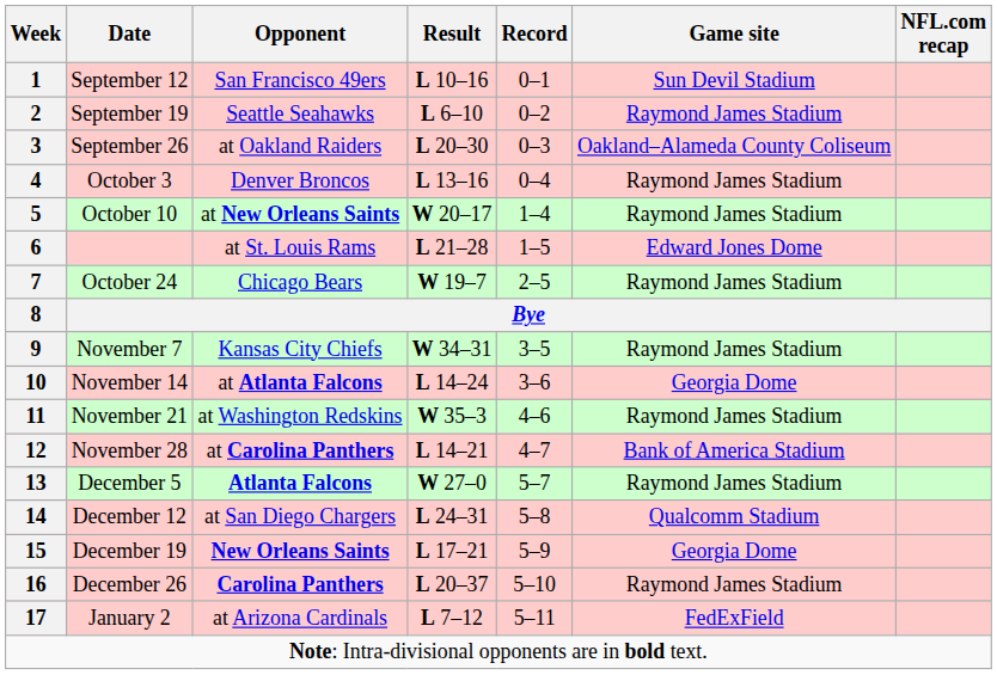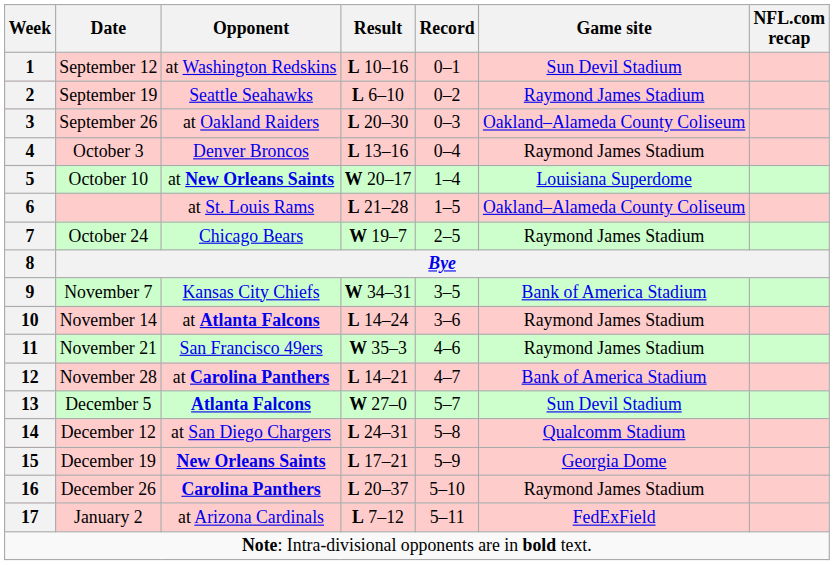 <table class="wikitable" style="text-align:center">
 <tr>
 <th>Week</th>
 <th>Date</th>
 <th>Opponent</th>
 <th>Result</th>
 <th>Record</th>
 <th>Game site</th>
 <th>NFL.com<br>recap</th>
 </tr>
 <tr bgcolor="#fcc">
 <th>1</th>
 <td>September 12</td>
-<td><a href='#'>San Francisco 49ers</a></td>
+<td>at <a href='#'>Washington Redskins</a></td>
 <td><strong>L</strong> 10–16</td>
 <td>0–1</td>
 <td><a href='#'>Sun Devil Stadium</a></td>
 <td></td>
 </tr>
 <tr bgcolor="#fcc">
 <th>2</th>
 <td>September 19</td>
 <td><a href='#'>Seattle Seahawks</a></td>
 <td><strong>L</strong> 6–10</td>
 <td>0–2</td>
 <td><a href='#'>Raymond James Stadium</a></td>
 <td></td>
 </tr>
 <tr bgcolor="#fcc">
 <th>3</th>
 <td>September 26</td>
 <td>at <a href='#'>Oakland Raiders</a></td>
 <td><strong>L</strong> 20–30</td>
 <td>0–3</td>
 <td><a href='#'>Oakland–Alameda County Coliseum</a></td>
 <td></td>
 </tr>
 <tr bgcolor="#fcc">
 <th>4</th>
 <td>October 3</td>
 <td><a href='#'>Denver Broncos</a></td>
 <td><strong>L</strong> 13–16</td>
 <td>0–4</td>
 <td>Raymond James Stadium</td>
 <td></td>
 </tr>
 <tr bgcolor="#cfc">
 <th>5</th>
 <td>October 10</td>
 <td>at <strong><a href='#'>New Orleans Saints</a></strong></td>
 <td><strong>W</strong> 20–17</td>
 <td>1–4</td>
-<td>Raymond James Stadium</td>
+<td><a href='#'>Louisiana Superdome</a></td>
 <td></td>
 </tr>
 <tr bgcolor="#fcc">
 <th>6</th>
 <td></td>
 <td>at <a href='#'>St. Louis Rams</a></td>
 <td><strong>L</strong> 21–28</td>
 <td>1–5</td>
-<td><a href='#'>Edward Jones Dome</a></td>
+<td><a href='#'>Oakland–Alameda County Coliseum</a></td>
 <td></td>
 </tr>
 <tr bgcolor="#cfc">
 <th>7</th>
 <td>October 24</td>
 <td><a href='#'>Chicago Bears</a></td>
 <td><strong>W</strong> 19–7</td>
 <td>2–5</td>
 <td>Raymond James Stadium</td>
 <td></td>
 </tr>
 <tr>
 <th>8</th>
 <th colspan="9"><em><a href='#'>Bye</a></em></th>
 </tr>
 <tr bgcolor="#cfc">
 <th>9</th>
 <td>November 7</td>
 <td><a href='#'>Kansas City Chiefs</a></td>
 <td><strong>W</strong> 34–31</td>
 <td>3–5</td>
-<td>Raymond James Stadium</td>
+<td><a href='#'>Bank of America Stadium</a></td>
 <td></td>
 </tr>
 <tr bgcolor="#fcc">
 <th>10</th>
 <td>November 14</td>
 <td>at <strong><a href='#'>Atlanta Falcons</a></strong></td>
 <td><strong>L</strong> 14–24</td>
 <td>3–6</td>
-<td><a href='#'>Georgia Dome</a></td>
+<td>Raymond James Stadium</td>
 <td></td>
 </tr>
 <tr bgcolor="#cfc">
 <th>11</th>
 <td>November 21</td>
-<td>at <a href='#'>Washington Redskins</a></td>
+<td><a href='#'>San Francisco 49ers</a></td>
 <td><strong>W</strong> 35–3</td>
 <td>4–6</td>
 <td>Raymond James Stadium</td>
 <td></td>
 </tr>
 <tr bgcolor="#fcc">
 <th>12</th>
 <td>November 28</td>
 <td>at <strong><a href='#'>Carolina Panthers</a></strong></td>
 <td><strong>L</strong> 14–21</td>
 <td>4–7</td>
 <td><a href='#'>Bank of America Stadium</a></td>
 <td></td>
 </tr>
 <tr bgcolor="#cfc">
 <th>13</th>
 <td>December 5</td>
 <td><strong><a href='#'>Atlanta Falcons</a></strong></td>
 <td><strong>W</strong> 27–0</td>
 <td>5–7</td>
-<td>Raymond James Stadium</td>
+<td><a href='#'>Sun Devil Stadium</a></td>
 <td></td>
 </tr>
 <tr bgcolor="#fcc">
 <th>14</th>
 <td>December 12</td>
 <td>at <a href='#'>San Diego Chargers</a></td>
 <td><strong>L</strong> 24–31</td>
 <td>5–8</td>
 <td><a href='#'>Qualcomm Stadium</a></td>
 <td></td>
 </tr>
 <tr bgcolor="#fcc">
 <th>15</th>
 <td>December 19</td>
 <td><strong><a href='#'>New Orleans Saints</a></strong></td>
 <td><strong>L</strong> 17–21</td>
 <td>5–9</td>
 <td><a href='#'>Georgia Dome</a></td>
 <td></td>
 </tr>
 <tr bgcolor="#fcc">
 <th>16</th>
 <td>December 26</td>
 <td><strong><a href='#'>Carolina Panthers</a></strong></td>
 <td><strong>L</strong> 20–37</td>
 <td>5–10</td>
 <td>Raymond James Stadium</td>
 <td></td>
 </tr>
 <tr bgcolor="#fcc">
 <th>17</th>
 <td>January 2</td>
 <td>at <a href='#'>Arizona Cardinals</a></td>
 <td><strong>L</strong> 7–12</td>
 <td>5–11</td>
 <td><a href='#'>FedExField</a></td>
 <td></td>
 </tr>
 <tr>
 <td colspan="7"><strong>Note</strong>: Intra-divisional opponents are in <strong>bold</strong> text.</td>
 </tr>
 </table>
